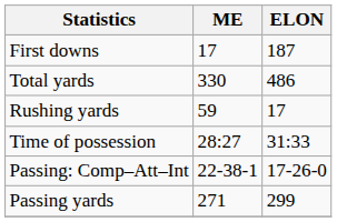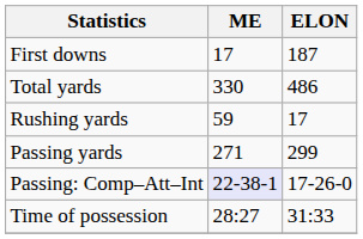 <table class="wikitable" style="float: left;">
 <tr>
 <th>Statistics</th>
 <th>ME</th>
 <th>ELON</th>
 </tr>
 <tr>
 <td>First downs</td>
 <td>17</td>
 <td>187</td>
 </tr>
 <tr>
 <td>Total yards</td>
 <td>330</td>
 <td>486</td>
 </tr>
 <tr>
 <td>Rushing yards</td>
 <td>59</td>
 <td>17</td>
 </tr>
 <tr>
+<td>Passing yards</td>
+<td>271</td>
+<td>299</td>
+</tr>
+<tr>
+<td>Passing: Comp–Att–Int</td>
+<td style="background: lavender;">22-38-1</td>
+<td>17-26-0</td>
+</tr>
+<tr>
 <td>Time of possession</td>
 <td>28:27</td>
 <td>31:33</td>
 </tr>
 <tr>
-<td>Passing: Comp–Att–Int</td>
-<td>22-38-1</td>
-<td>17-26-0</td>
-</tr>
-<tr>
-<td>Passing yards</td>
-<td>271</td>
-<td>299</td>
-</tr>
-<tr>
 </tr>
 </table>
